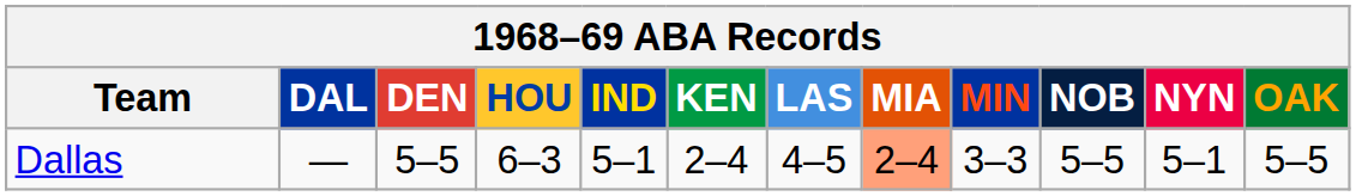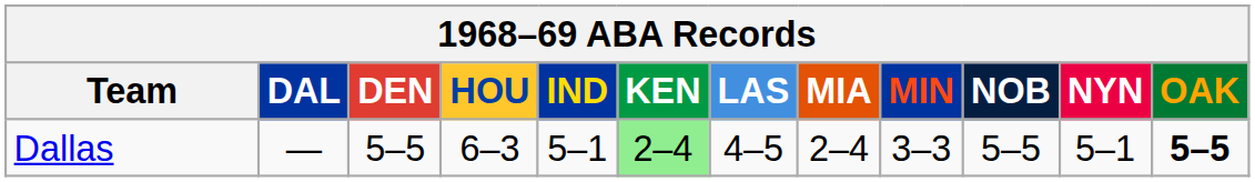 <table class="wikitable" style="font-size:95%; text-align:center;">
 <tr>
 <th colspan=12>1968–69 ABA Records</th>
 </tr>
 <tr>
 <th width=100>Team</th>
 <th style="background:#00339F;color:#FFFFFF;width=35">DAL</th>
 <th style="background:#E03C31;color:#FFFFFF;width=35">DEN</th>
 <th style="background:#FFC72C;color:#003DA5;width=35">HOU</th>
 <th style="background:#0032A0;color:#FEDD00;width=35">IND</th>
 <th style="background:#009A44;color:#FFFFFF;width=35">KEN</th>
 <th style="background: #428FDF;color:#FFFFFF;width=35">LAS</th>
 <th style="background:#E35205;color:#FFFFFF;width=35">MIA</th>
 <th style="background:#0032A0;color:#FF4911;width=35">MIN</th>
 <th style="background:#041E42;color:#FFFFFF;width=35">NOB</th>
 <th style="background:#EC0044;color:#FFFFFF;width=35">NYN</th>
 <th style="background:#007A33;color:#FFA400;width=35">OAK</th>
 </tr>
 <tr>
 <td style="text-align:left;"><a href='#'>Dallas</a></td>
 <td>—</td>
 <td>5–5</td>
 <td>6–3</td>
 <td>5–1</td>
+<td style="background: lightgreen;">2–4</td>
+<td>4–5</td>
 <td>2–4</td>
-<td>4–5</td>
-<td style="background: lightsalmon;">2–4</td>
 <td>3–3</td>
 <td>5–5</td>
 <td>5–1</td>
-<td>5–5</td>
+<td><strong>5–5</strong></td>
 </tr>
 </table>
